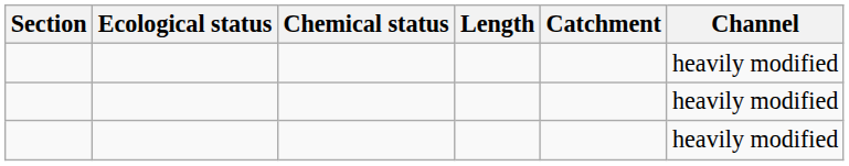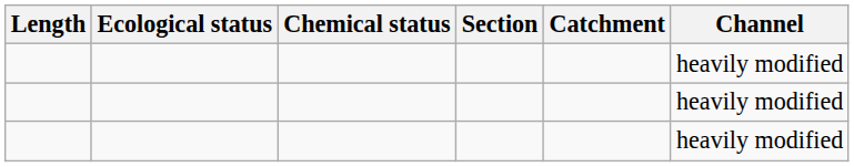 <table class="wikitable">
 <tr>
-<th>Section</th>
+<th>Length</th>
 <th>Ecological status</th>
 <th>Chemical status</th>
-<th>Length</th>
+<th>Section</th>
 <th>Catchment</th>
 <th>Channel</th>
 </tr>
 <tr>
 <td></td>
 <td></td>
 <td></td>
 <td></td>
 <td></td>
 <td>heavily modified</td>
 </tr>
 <tr>
 <td></td>
 <td></td>
 <td></td>
 <td></td>
 <td></td>
 <td>heavily modified</td>
 </tr>
 <tr>
 <td></td>
 <td></td>
 <td></td>
 <td></td>
 <td></td>
 <td>heavily modified</td>
 </tr>
 </table>
